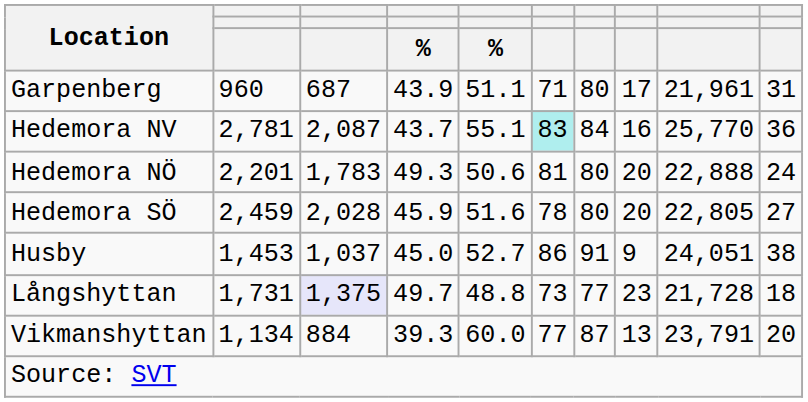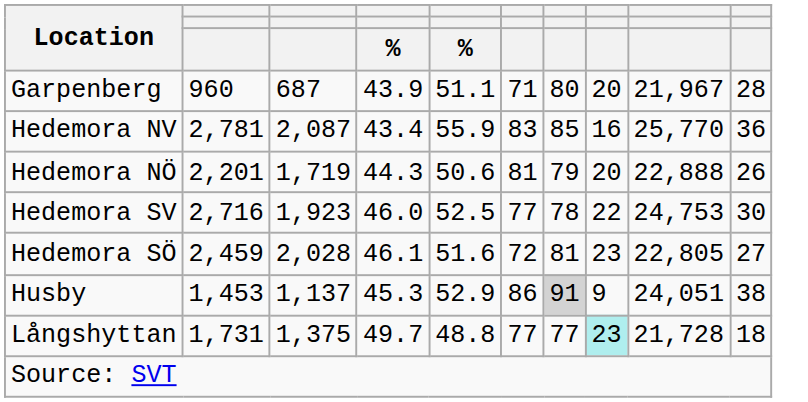 <table role="presentation" class="wikitable sortable mw-collapsible">
 <tr>
 <th rowspan="3">Location</th>
 <th></th>
 <th></th>
 <th></th>
 <th></th>
 <th></th>
 <th></th>
 <th></th>
 <th></th>
 <th></th>
 </tr>
 <tr>
 <th></th>
 <th></th>
 <th style="background:"></th>
 <th style="background:"></th>
 <th></th>
 <th></th>
 <th></th>
 <th></th>
 <th></th>
 </tr>
 <tr>
 <th data-sort-type="number"></th>
 <th data-sort-type="number"></th>
 <th data-sort-type="number">%</th>
 <th data-sort-type="number">%</th>
 <th data-sort-type="number"></th>
 <th data-sort-type="number"></th>
 <th data-sort-type="number"></th>
 <th data-sort-type="number"></th>
 <th data-sort-type="number"></th>
 </tr>
 <tr>
 <td align="left">Garpenberg</td>
 <td>960</td>
 <td>687</td>
 <td>43.9</td>
 <td>51.1</td>
 <td>71</td>
 <td>80</td>
-<td>17</td>
-<td>21,961</td>
-<td>31</td>
+<td>20</td>
+<td>21,967</td>
+<td>28</td>
 </tr>
 <tr>
 <td align="left">Hedemora NV</td>
 <td>2,781</td>
 <td>2,087</td>
-<td>43.7</td>
-<td>55.1</td>
-<td style="background: paleturquoise;">83</td>
-<td>84</td>
+<td>43.4</td>
+<td>55.9</td>
+<td>83</td>
+<td>85</td>
 <td>16</td>
 <td>25,770</td>
 <td>36</td>
 </tr>
 <tr>
 <td align="left">Hedemora NÖ</td>
 <td>2,201</td>
-<td>1,783</td>
-<td>49.3</td>
+<td>1,719</td>
+<td>44.3</td>
 <td>50.6</td>
 <td>81</td>
-<td>80</td>
+<td>79</td>
 <td>20</td>
 <td>22,888</td>
-<td>24</td>
+<td>26</td>
+</tr>
+<tr>
+<td align="left">Hedemora SV</td>
+<td>2,716</td>
+<td>1,923</td>
+<td>46.0</td>
+<td>52.5</td>
+<td>77</td>
+<td>78</td>
+<td>22</td>
+<td>24,753</td>
+<td>30</td>
 </tr>
 <tr>
 <td align="left">Hedemora SÖ</td>
 <td>2,459</td>
 <td>2,028</td>
-<td>45.9</td>
+<td>46.1</td>
 <td>51.6</td>
-<td>78</td>
-<td>80</td>
-<td>20</td>
+<td>72</td>
+<td>81</td>
+<td>23</td>
 <td>22,805</td>
 <td>27</td>
 </tr>
 <tr>
 <td align="left">Husby</td>
 <td>1,453</td>
-<td>1,037</td>
-<td>45.0</td>
-<td>52.7</td>
+<td>1,137</td>
+<td>45.3</td>
+<td>52.9</td>
 <td>86</td>
-<td>91</td>
+<td style="background: lightgrey;">91</td>
 <td>9</td>
 <td>24,051</td>
 <td>38</td>
 </tr>
 <tr>
 <td align="left">Långshyttan</td>
 <td>1,731</td>
-<td style="background: lavender;">1,375</td>
+<td>1,375</td>
 <td>49.7</td>
 <td>48.8</td>
-<td>73</td>
 <td>77</td>
-<td>23</td>
+<td>77</td>
+<td style="background: paleturquoise;">23</td>
 <td>21,728</td>
 <td>18</td>
-</tr>
-<tr>
-<td align="left">Vikmanshyttan</td>
-<td>1,134</td>
-<td>884</td>
-<td>39.3</td>
-<td>60.0</td>
-<td>77</td>
-<td>87</td>
-<td>13</td>
-<td>23,791</td>
-<td>20</td>
 </tr>
 <tr>
 <td colspan="10" align="left">Source: <a href='#'>SVT</a></td>
 </tr>
 </table>
